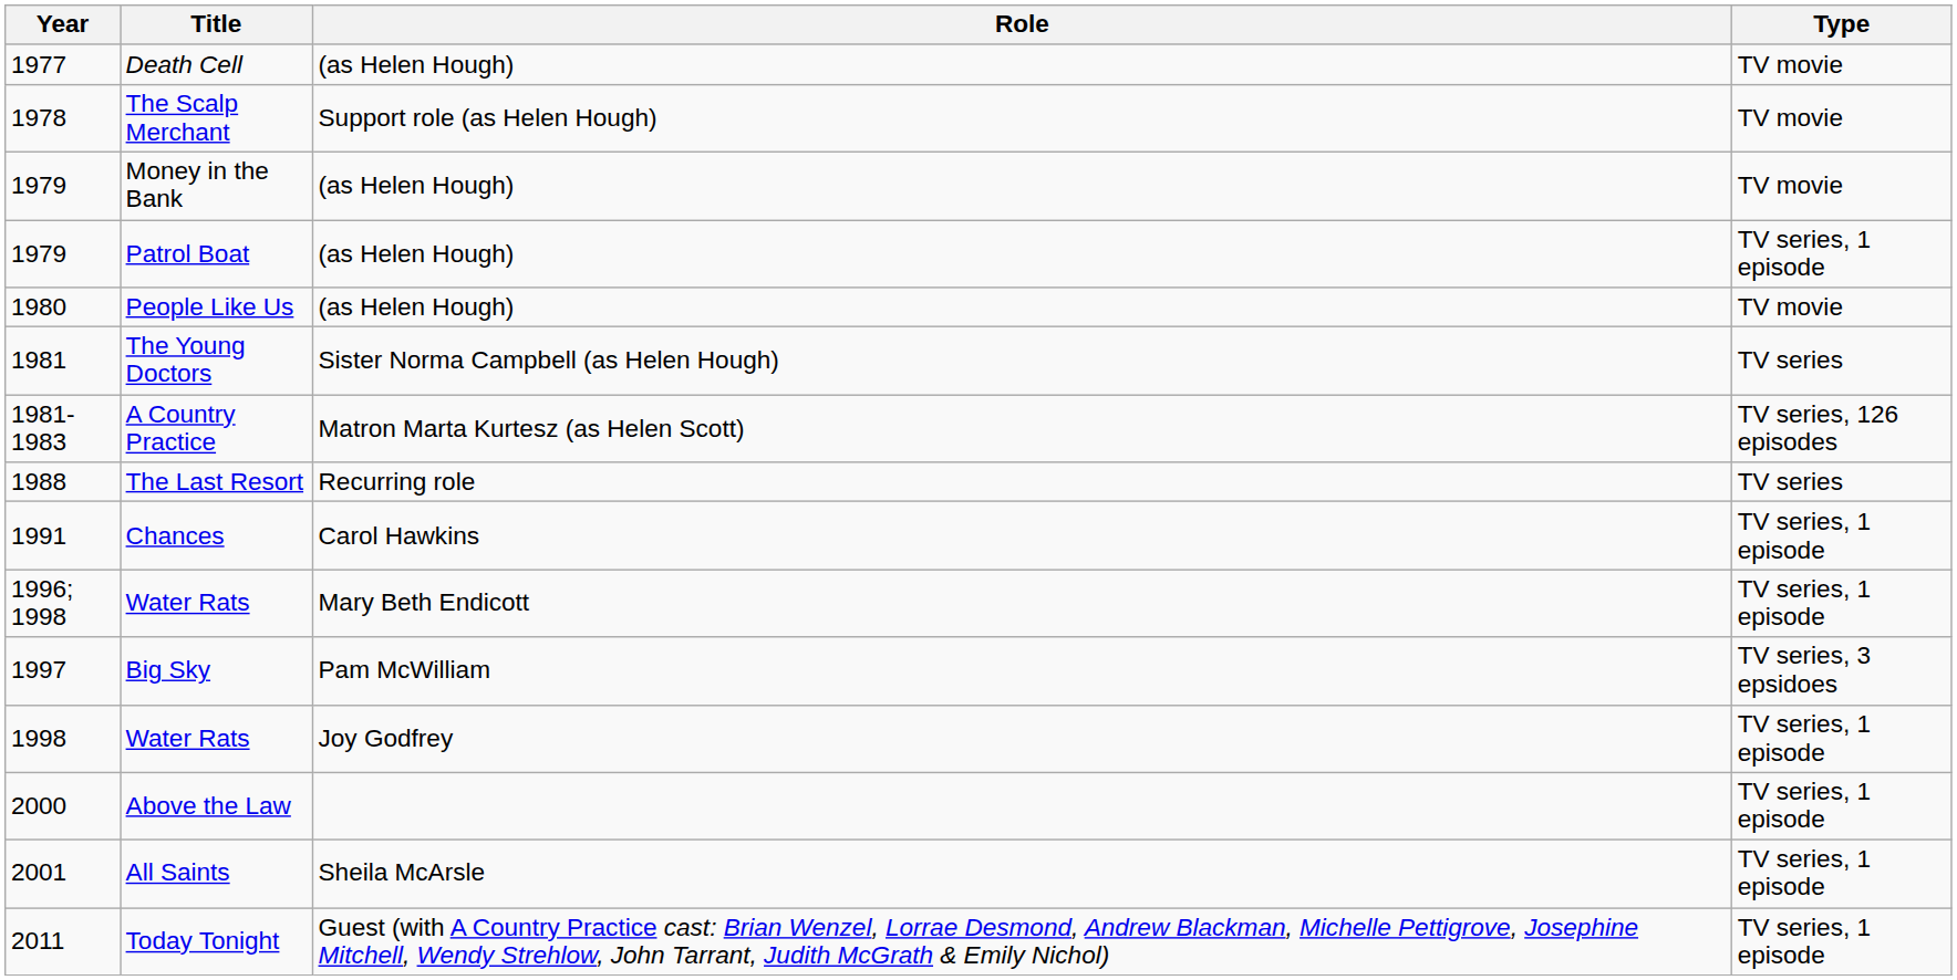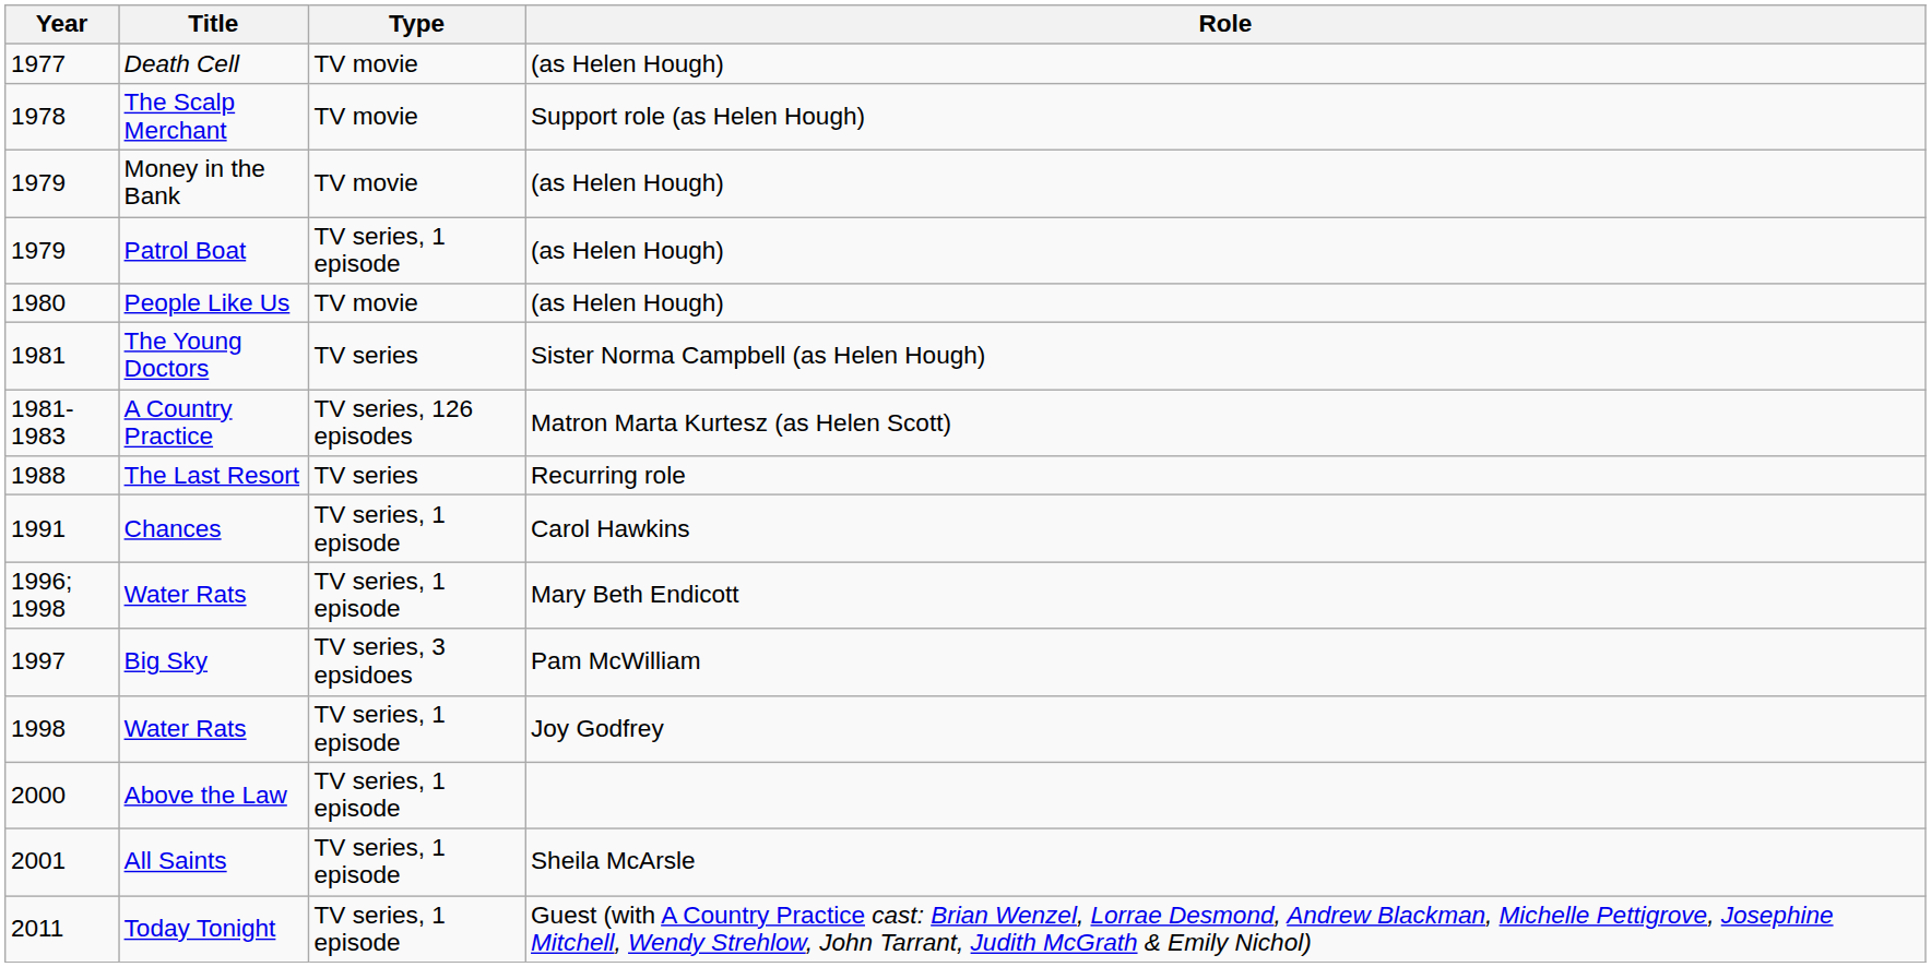 <table class="wikitable">
 <tr>
 <th>Year</th>
 <th>Title</th>
+<th>Type</th>
 <th>Role</th>
-<th>Type</th>
 </tr>
 <tr>
 <td>1977</td>
 <td><em>Death Cell</td>
+<td>TV movie</td>
 <td>(as Helen Hough)</td>
-<td>TV movie</td>
 </tr>
 <tr>
 <td>1978</td>
 <td></em><a href='#'>The Scalp Merchant</a><em></td>
+<td>TV movie</td>
 <td>Support role (as Helen Hough)</td>
-<td>TV movie</td>
 </tr>
 <tr>
 <td>1979</td>
 <td></em>Money in the Bank<em></td>
+<td>TV movie</td>
 <td>(as Helen Hough)</td>
-<td>TV movie</td>
 </tr>
 <tr>
 <td>1979</td>
 <td></em><a href='#'>Patrol Boat</a><em></td>
+<td>TV series, 1 episode</td>
 <td>(as Helen Hough)</td>
-<td>TV series, 1 episode</td>
 </tr>
 <tr>
 <td>1980</td>
 <td></em><a href='#'>People Like Us</a><em></td>
+<td>TV movie</td>
 <td>(as Helen Hough)</td>
-<td>TV movie</td>
 </tr>
 <tr>
 <td>1981</td>
 <td></em><a href='#'>The Young Doctors</a><em></td>
+<td>TV series</td>
 <td>Sister Norma Campbell (as Helen Hough)</td>
-<td>TV series</td>
 </tr>
 <tr>
 <td>1981-1983</td>
 <td></em><a href='#'>A Country Practice</a><em></td>
+<td>TV series, 126 episodes</td>
 <td>Matron Marta Kurtesz (as Helen Scott)</td>
-<td>TV series, 126 episodes</td>
 </tr>
 <tr>
 <td>1988</td>
 <td></em><a href='#'>The Last Resort</a><em></td>
+<td>TV series</td>
 <td>Recurring role</td>
-<td>TV series</td>
 </tr>
 <tr>
 <td>1991</td>
 <td></em><a href='#'>Chances</a><em></td>
+<td>TV series, 1 episode</td>
 <td>Carol Hawkins</td>
-<td>TV series, 1 episode</td>
 </tr>
 <tr>
 <td>1996; 1998</td>
 <td></em><a href='#'>Water Rats</a><em></td>
+<td>TV series, 1 episode</td>
 <td>Mary Beth Endicott</td>
-<td>TV series, 1 episode</td>
 </tr>
 <tr>
 <td>1997</td>
 <td></em><a href='#'>Big Sky</a><em></td>
+<td>TV series, 3 epsidoes</td>
 <td>Pam McWilliam</td>
-<td>TV series, 3 epsidoes</td>
 </tr>
 <tr>
 <td>1998</td>
 <td></em><a href='#'>Water Rats</a><em></td>
+<td>TV series, 1 episode</td>
 <td>Joy Godfrey</td>
-<td>TV series, 1 episode</td>
 </tr>
 <tr>
 <td>2000</td>
 <td></em><a href='#'>Above the Law</a><em></td>
+<td>TV series, 1 episode</td>
 <td></td>
-<td>TV series, 1 episode</td>
 </tr>
 <tr>
 <td>2001</td>
 <td></em><a href='#'>All Saints</a><em></td>
+<td>TV series, 1 episode</td>
 <td>Sheila McArsle</td>
-<td>TV series, 1 episode</td>
 </tr>
 <tr>
 <td>2011</td>
 <td></em><a href='#'>Today Tonight</a><em></td>
+<td>TV series, 1 episode</td>
 <td>Guest (with </em><a href='#'>A Country Practice</a><em> cast: <a href='#'>Brian Wenzel</a>, <a href='#'>Lorrae Desmond</a>, <a href='#'>Andrew Blackman</a>, <a href='#'>Michelle Pettigrove</a>, <a href='#'>Josephine Mitchell</a>, <a href='#'>Wendy Strehlow</a>, John Tarrant, <a href='#'>Judith McGrath</a> & Emily Nichol)</td>
-<td>TV series, 1 episode</td>
 </tr>
 </table>
